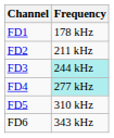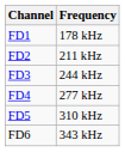 <table class="wikitable">
 <tr>
 <th>Channel</th>
 <th>Frequency</th>
 </tr>
 <tr>
 <td><a href='#'>FD1</a></td>
 <td>178 kHz</td>
 </tr>
 <tr>
 <td><a href='#'>FD2</a></td>
 <td>211 kHz</td>
 </tr>
 <tr>
 <td><a href='#'>FD3</a></td>
-<td style="background: paleturquoise;">244 kHz</td>
+<td>244 kHz</td>
 </tr>
 <tr>
 <td><a href='#'>FD4</a></td>
-<td style="background: paleturquoise;">277 kHz</td>
+<td>277 kHz</td>
 </tr>
 <tr>
 <td><a href='#'>FD5</a></td>
 <td>310 kHz</td>
 </tr>
 <tr>
 <td>FD6</td>
 <td>343 kHz</td>
 </tr>
 </table>
